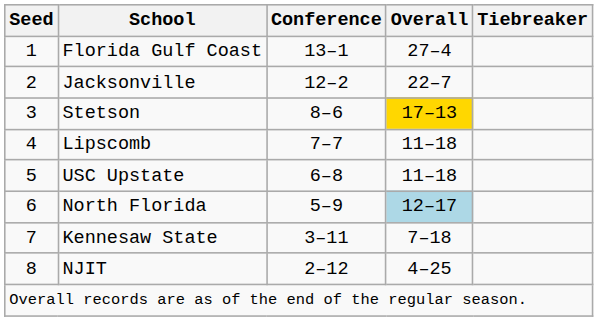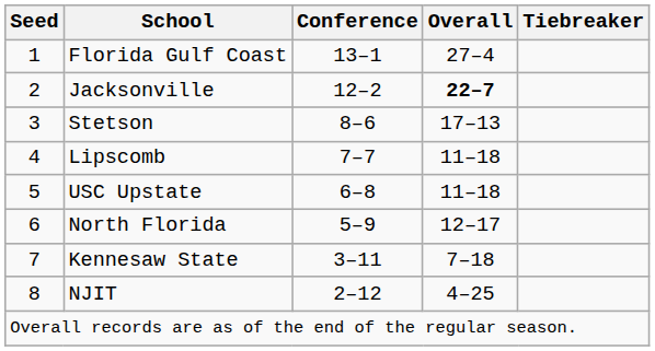 <table class="wikitable" style="white-space:nowrap; font-size:90%; text-align:center;">
 <tr>
 <th>Seed</th>
 <th>School</th>
 <th>Conference</th>
 <th>Overall</th>
 <th>Tiebreaker</th>
 </tr>
 <tr>
 <td>1</td>
 <td style="text-align:left;">Florida Gulf Coast</td>
 <td>13–1</td>
 <td>27–4</td>
 <td></td>
 </tr>
 <tr>
 <td>2</td>
 <td style="text-align:left;">Jacksonville</td>
 <td>12–2</td>
-<td>22–7</td>
+<td><strong>22–7</strong></td>
 <td></td>
 </tr>
 <tr>
 <td>3</td>
 <td style="text-align:left;">Stetson</td>
 <td>8–6</td>
-<td style="background: gold;">17–13</td>
+<td>17–13</td>
 <td></td>
 </tr>
 <tr>
 <td>4</td>
 <td style="text-align:left;">Lipscomb</td>
 <td>7–7</td>
 <td>11–18</td>
 <td></td>
 </tr>
 <tr>
 <td>5</td>
 <td style="text-align:left;">USC Upstate</td>
 <td>6–8</td>
 <td>11–18</td>
 <td></td>
 </tr>
 <tr>
 <td>6</td>
 <td style="text-align:left;">North Florida</td>
 <td>5–9</td>
-<td style="background: lightblue;">12–17</td>
+<td>12–17</td>
 <td></td>
 </tr>
 <tr>
 <td>7</td>
 <td style="text-align:left;">Kennesaw State</td>
 <td>3–11</td>
 <td>7–18</td>
 <td></td>
 </tr>
 <tr>
 <td>8</td>
 <td style="text-align:left;">NJIT</td>
 <td>2–12</td>
 <td>4–25</td>
 <td></td>
 </tr>
 <tr>
 <td colspan=5 style="text-align:left;"><small>Overall records are as of the end of the regular season.</small></td>
 </tr>
 </table>
